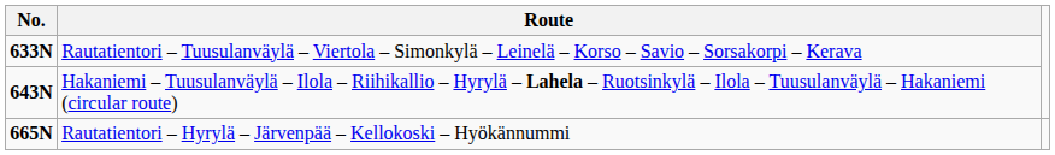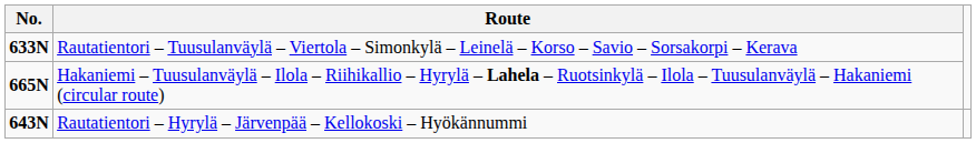 <table class="wikitable mw-collapsible mw-collapsed">
 <tr>
 <th>No.</th>
 <th>Route</th>
 </tr>
 <tr>
 <td><strong>633N</strong></td>
 <td><a href='#'>Rautatientori</a> – <a href='#'>Tuusulanväylä</a> – <a href='#'>Viertola</a> – Simonkylä – <a href='#'>Leinelä</a> – <a href='#'>Korso</a> – <a href='#'>Savio</a> – <a href='#'>Sorsakorpi</a> – <a href='#'>Kerava</a></td>
 </tr>
 <tr>
-<td><strong>643N</strong></td>
+<td><strong>665N</strong></td>
 <td><a href='#'>Hakaniemi</a> – <a href='#'>Tuusulanväylä</a> – <a href='#'>Ilola</a> – <a href='#'>Riihikallio</a> – <a href='#'>Hyrylä</a> – <strong>Lahela</strong> – <a href='#'>Ruotsinkylä</a> – <a href='#'>Ilola</a> – <a href='#'>Tuusulanväylä</a> – <a href='#'>Hakaniemi</a> (<a href='#'>circular route</a>)</td>
 </tr>
 <tr>
-<td><strong>665N</strong></td>
+<td><strong>643N</strong></td>
 <td><a href='#'>Rautatientori</a> – <a href='#'>Hyrylä</a> – <a href='#'>Järvenpää</a> – <a href='#'>Kellokoski</a> – Hyökännummi</td>
 <td></td>
 </tr>
 </table>
